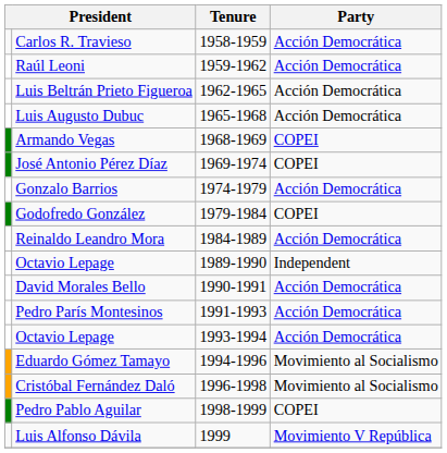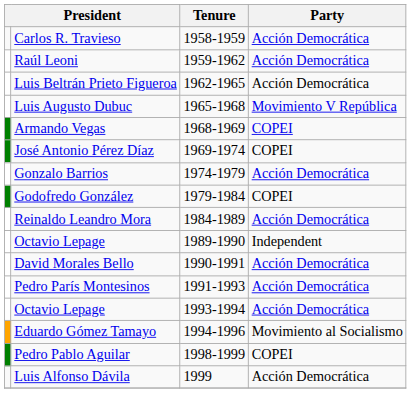 <table class="wikitable">
 <tr>
 <th colspan="2">President</th>
 <th>Tenure</th>
 <th>Party</th>
 </tr>
 <tr>
 <td></td>
 <td><a href='#'>Carlos R. Travieso</a></td>
 <td>1958-1959</td>
 <td><a href='#'>Acción Democrática</a></td>
 </tr>
 <tr>
 <td style="background-color:white"></td>
 <td><a href='#'>Raúl Leoni</a></td>
 <td>1959-1962</td>
 <td><a href='#'>Acción Democrática</a></td>
 </tr>
 <tr>
 <td style="background-color:white"></td>
 <td><a href='#'>Luis Beltrán Prieto Figueroa</a></td>
 <td>1962-1965</td>
 <td>Acción Democrática</td>
 </tr>
 <tr>
 <td style="background-color:white"></td>
 <td><a href='#'>Luis Augusto Dubuc</a></td>
 <td>1965-1968</td>
-<td>Acción Democrática</td>
+<td><a href='#'>Movimiento V República</a></td>
 </tr>
 <tr>
 <td style="background-color:green"></td>
 <td><a href='#'>Armando Vegas</a></td>
 <td>1968-1969</td>
 <td><a href='#'>COPEI</a></td>
 </tr>
 <tr>
 <td style="background-color:green"></td>
 <td><a href='#'>José Antonio Pérez Díaz</a></td>
 <td>1969-1974</td>
 <td>COPEI</td>
 </tr>
 <tr>
 <td style="background-color:white"></td>
 <td><a href='#'>Gonzalo Barrios</a></td>
 <td>1974-1979</td>
 <td><a href='#'>Acción Democrática</a></td>
 </tr>
 <tr>
 <td style="background-color:green"></td>
 <td><a href='#'>Godofredo González</a></td>
 <td>1979-1984</td>
 <td>COPEI</td>
 </tr>
 <tr>
 <td style="background-color:white"></td>
 <td><a href='#'>Reinaldo Leandro Mora</a></td>
 <td>1984-1989</td>
 <td><a href='#'>Acción Democrática</a></td>
 </tr>
 <tr>
 <td style="background-color:white"></td>
 <td><a href='#'>Octavio Lepage</a></td>
 <td>1989-1990</td>
 <td>Independent</td>
 </tr>
 <tr>
 <td style="background-color:white"></td>
 <td><a href='#'>David Morales Bello</a></td>
 <td>1990-1991</td>
 <td><a href='#'>Acción Democrática</a></td>
 </tr>
 <tr>
 <td style="background-color:white"></td>
 <td><a href='#'>Pedro París Montesinos</a></td>
 <td>1991-1993</td>
 <td><a href='#'>Acción Democrática</a></td>
 </tr>
 <tr>
 <td style="background-color:white"></td>
 <td><a href='#'>Octavio Lepage</a></td>
 <td>1993-1994</td>
 <td><a href='#'>Acción Democrática</a></td>
 </tr>
 <tr>
 <td style="background-color:orange"></td>
 <td><a href='#'>Eduardo Gómez Tamayo</a></td>
 <td>1994-1996</td>
 <td>Movimiento al Socialismo</td>
 </tr>
 <tr>
-<td style="background-color:orange"></td>
-<td><a href='#'>Cristóbal Fernández Daló</a></td>
-<td>1996-1998</td>
-<td>Movimiento al Socialismo</td>
-</tr>
-<tr>
 <td style="background-color:green"></td>
 <td><a href='#'>Pedro Pablo Aguilar</a></td>
 <td>1998-1999</td>
 <td>COPEI</td>
 </tr>
 <tr>
 <td style="background-color:"></td>
 <td><a href='#'>Luis Alfonso Dávila</a></td>
 <td>1999</td>
-<td><a href='#'>Movimiento V República</a></td>
+<td>Acción Democrática</td>
 </tr>
 <tr>
 </tr>
 </table>
